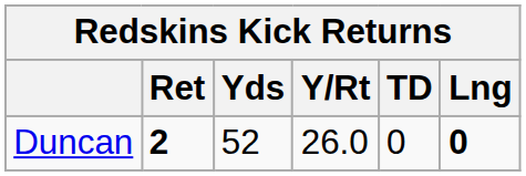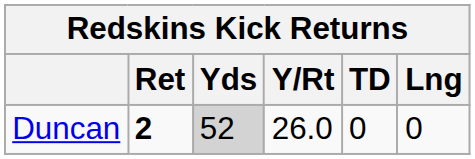 <table class="wikitable">
 <tr>
 <th colspan="6">Redskins Kick Returns</th>
 </tr>
 <tr>
 <th></th>
 <th>Ret</th>
 <th>Yds</th>
 <th>Y/Rt</th>
 <th>TD</th>
 <th>Lng</th>
 </tr>
 <tr>
 <td><a href='#'>Duncan</a></td>
 <td><strong>2</strong></td>
-<td>52</td>
+<td style="background: lightgrey;">52</td>
 <td>26.0</td>
 <td>0</td>
-<td><strong>0</strong></td>
+<td>0</td>
 </tr>
 </table>
